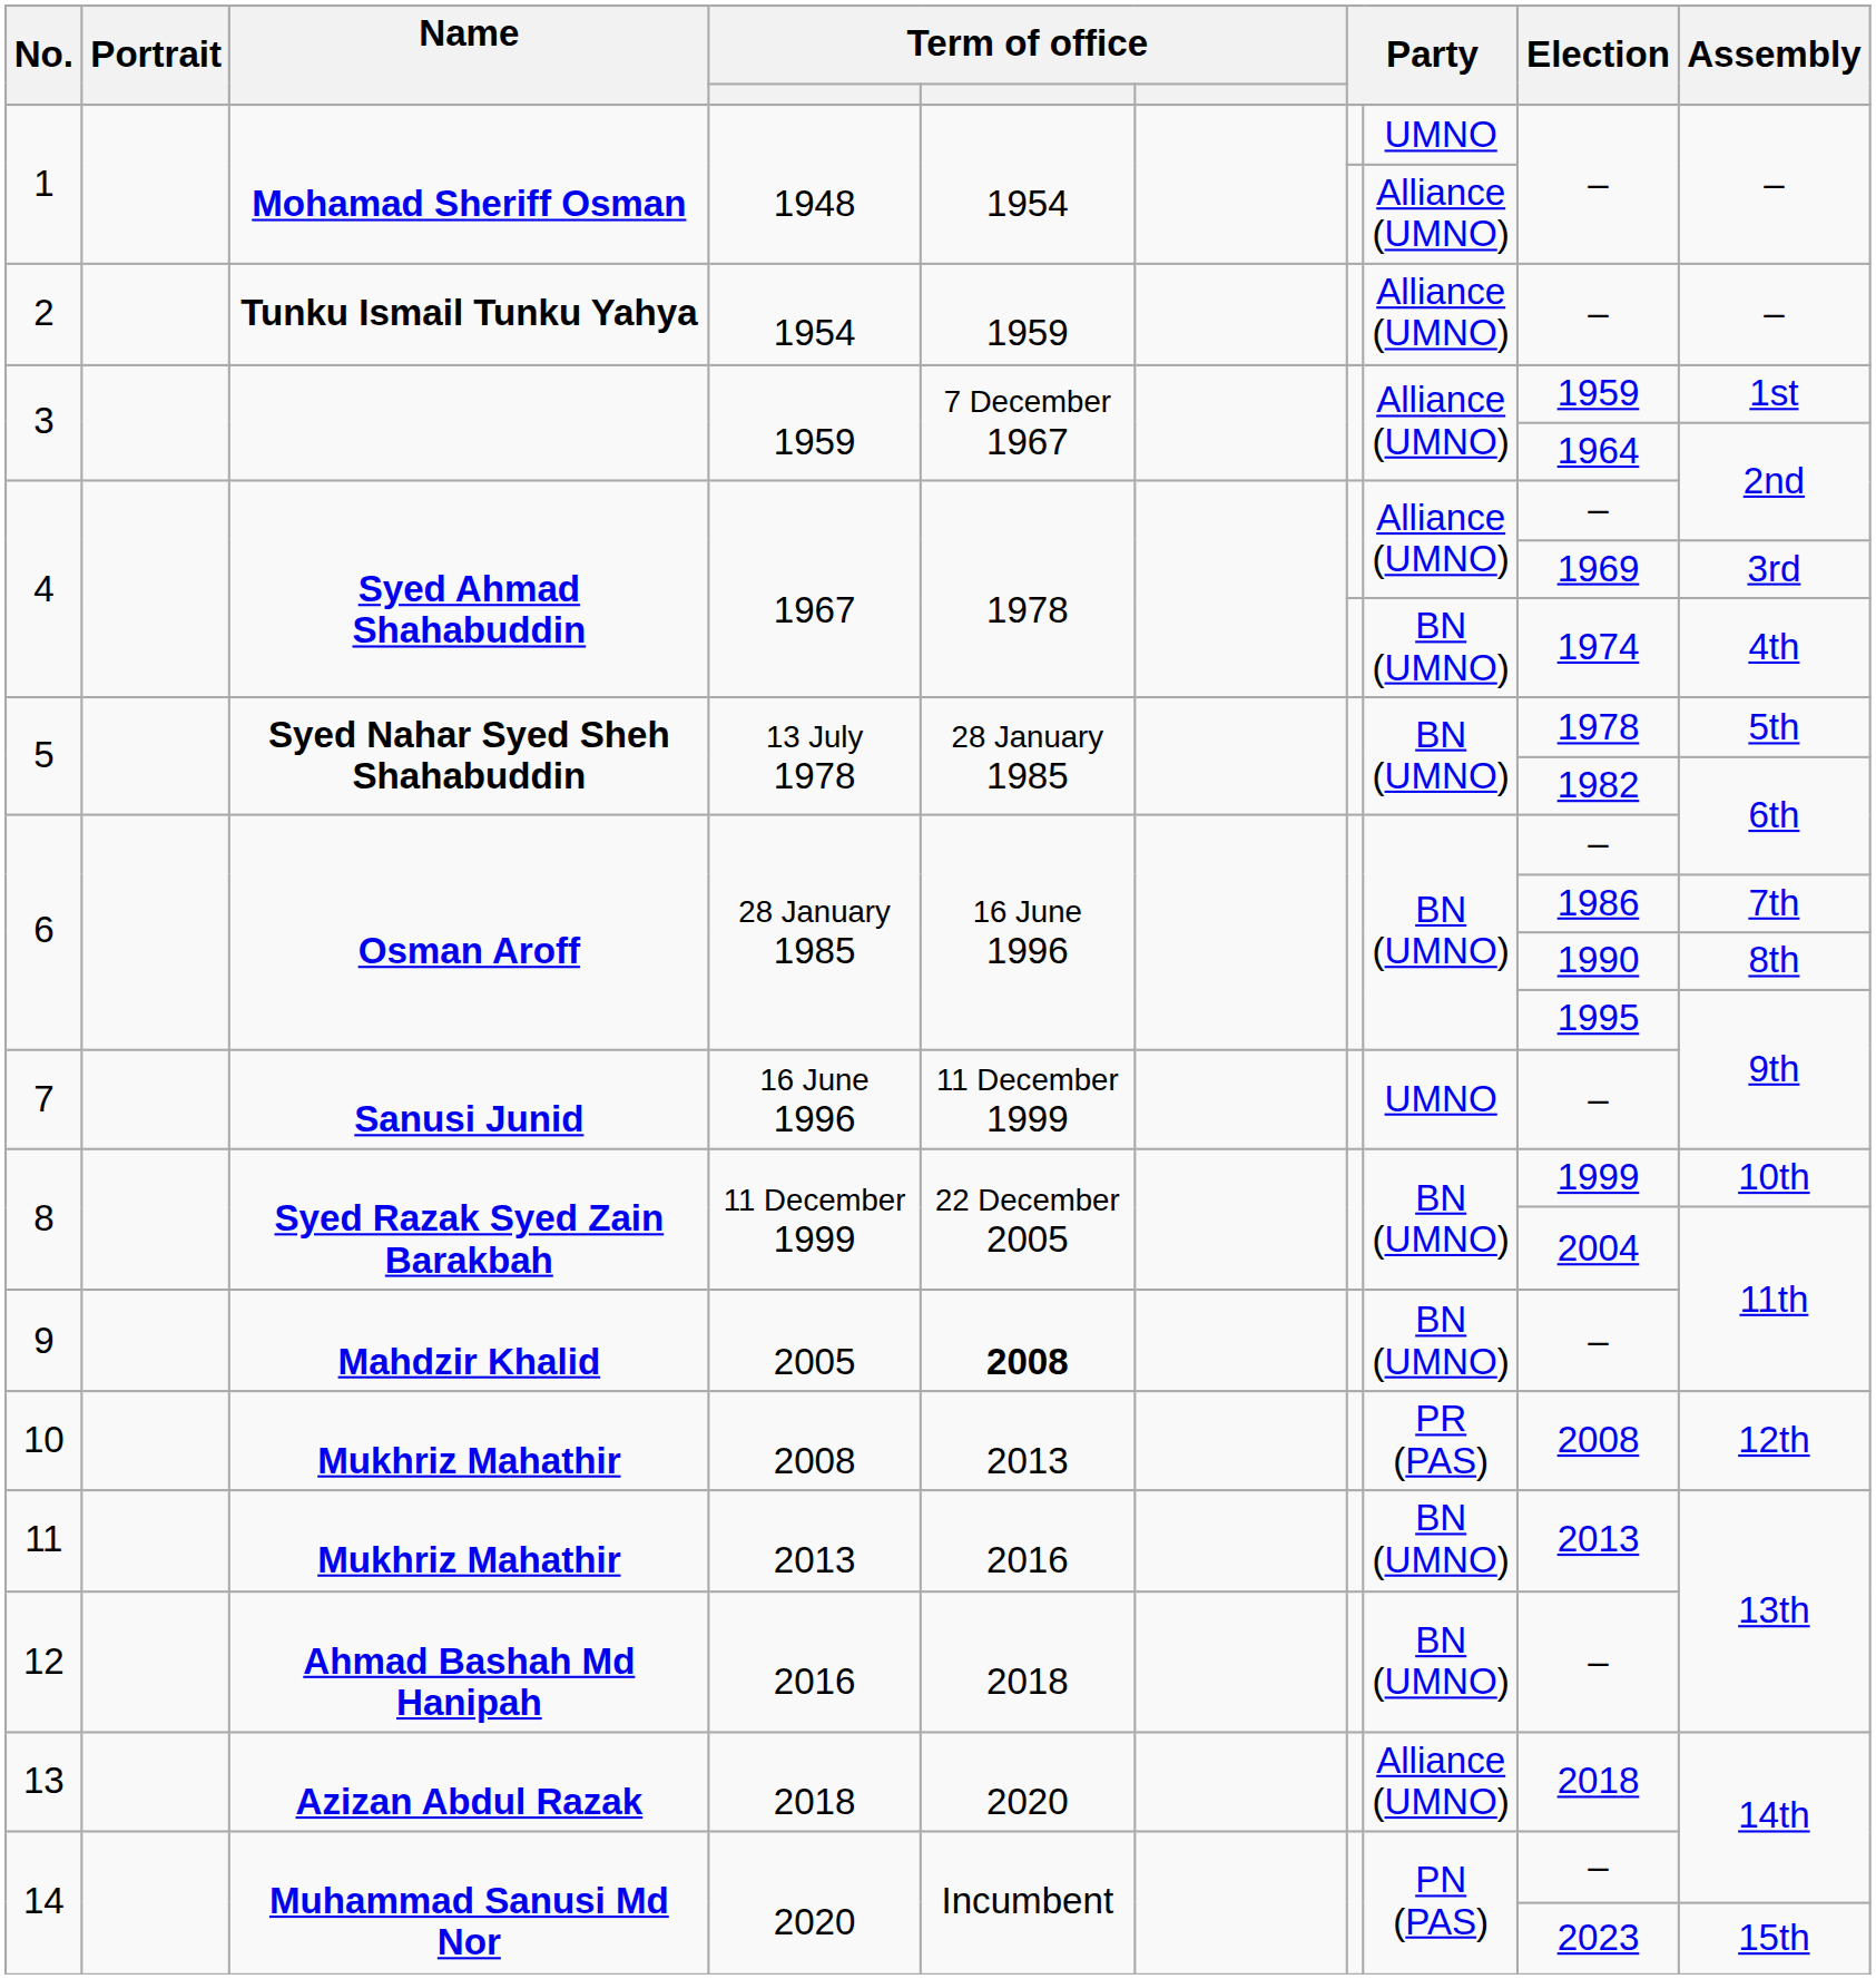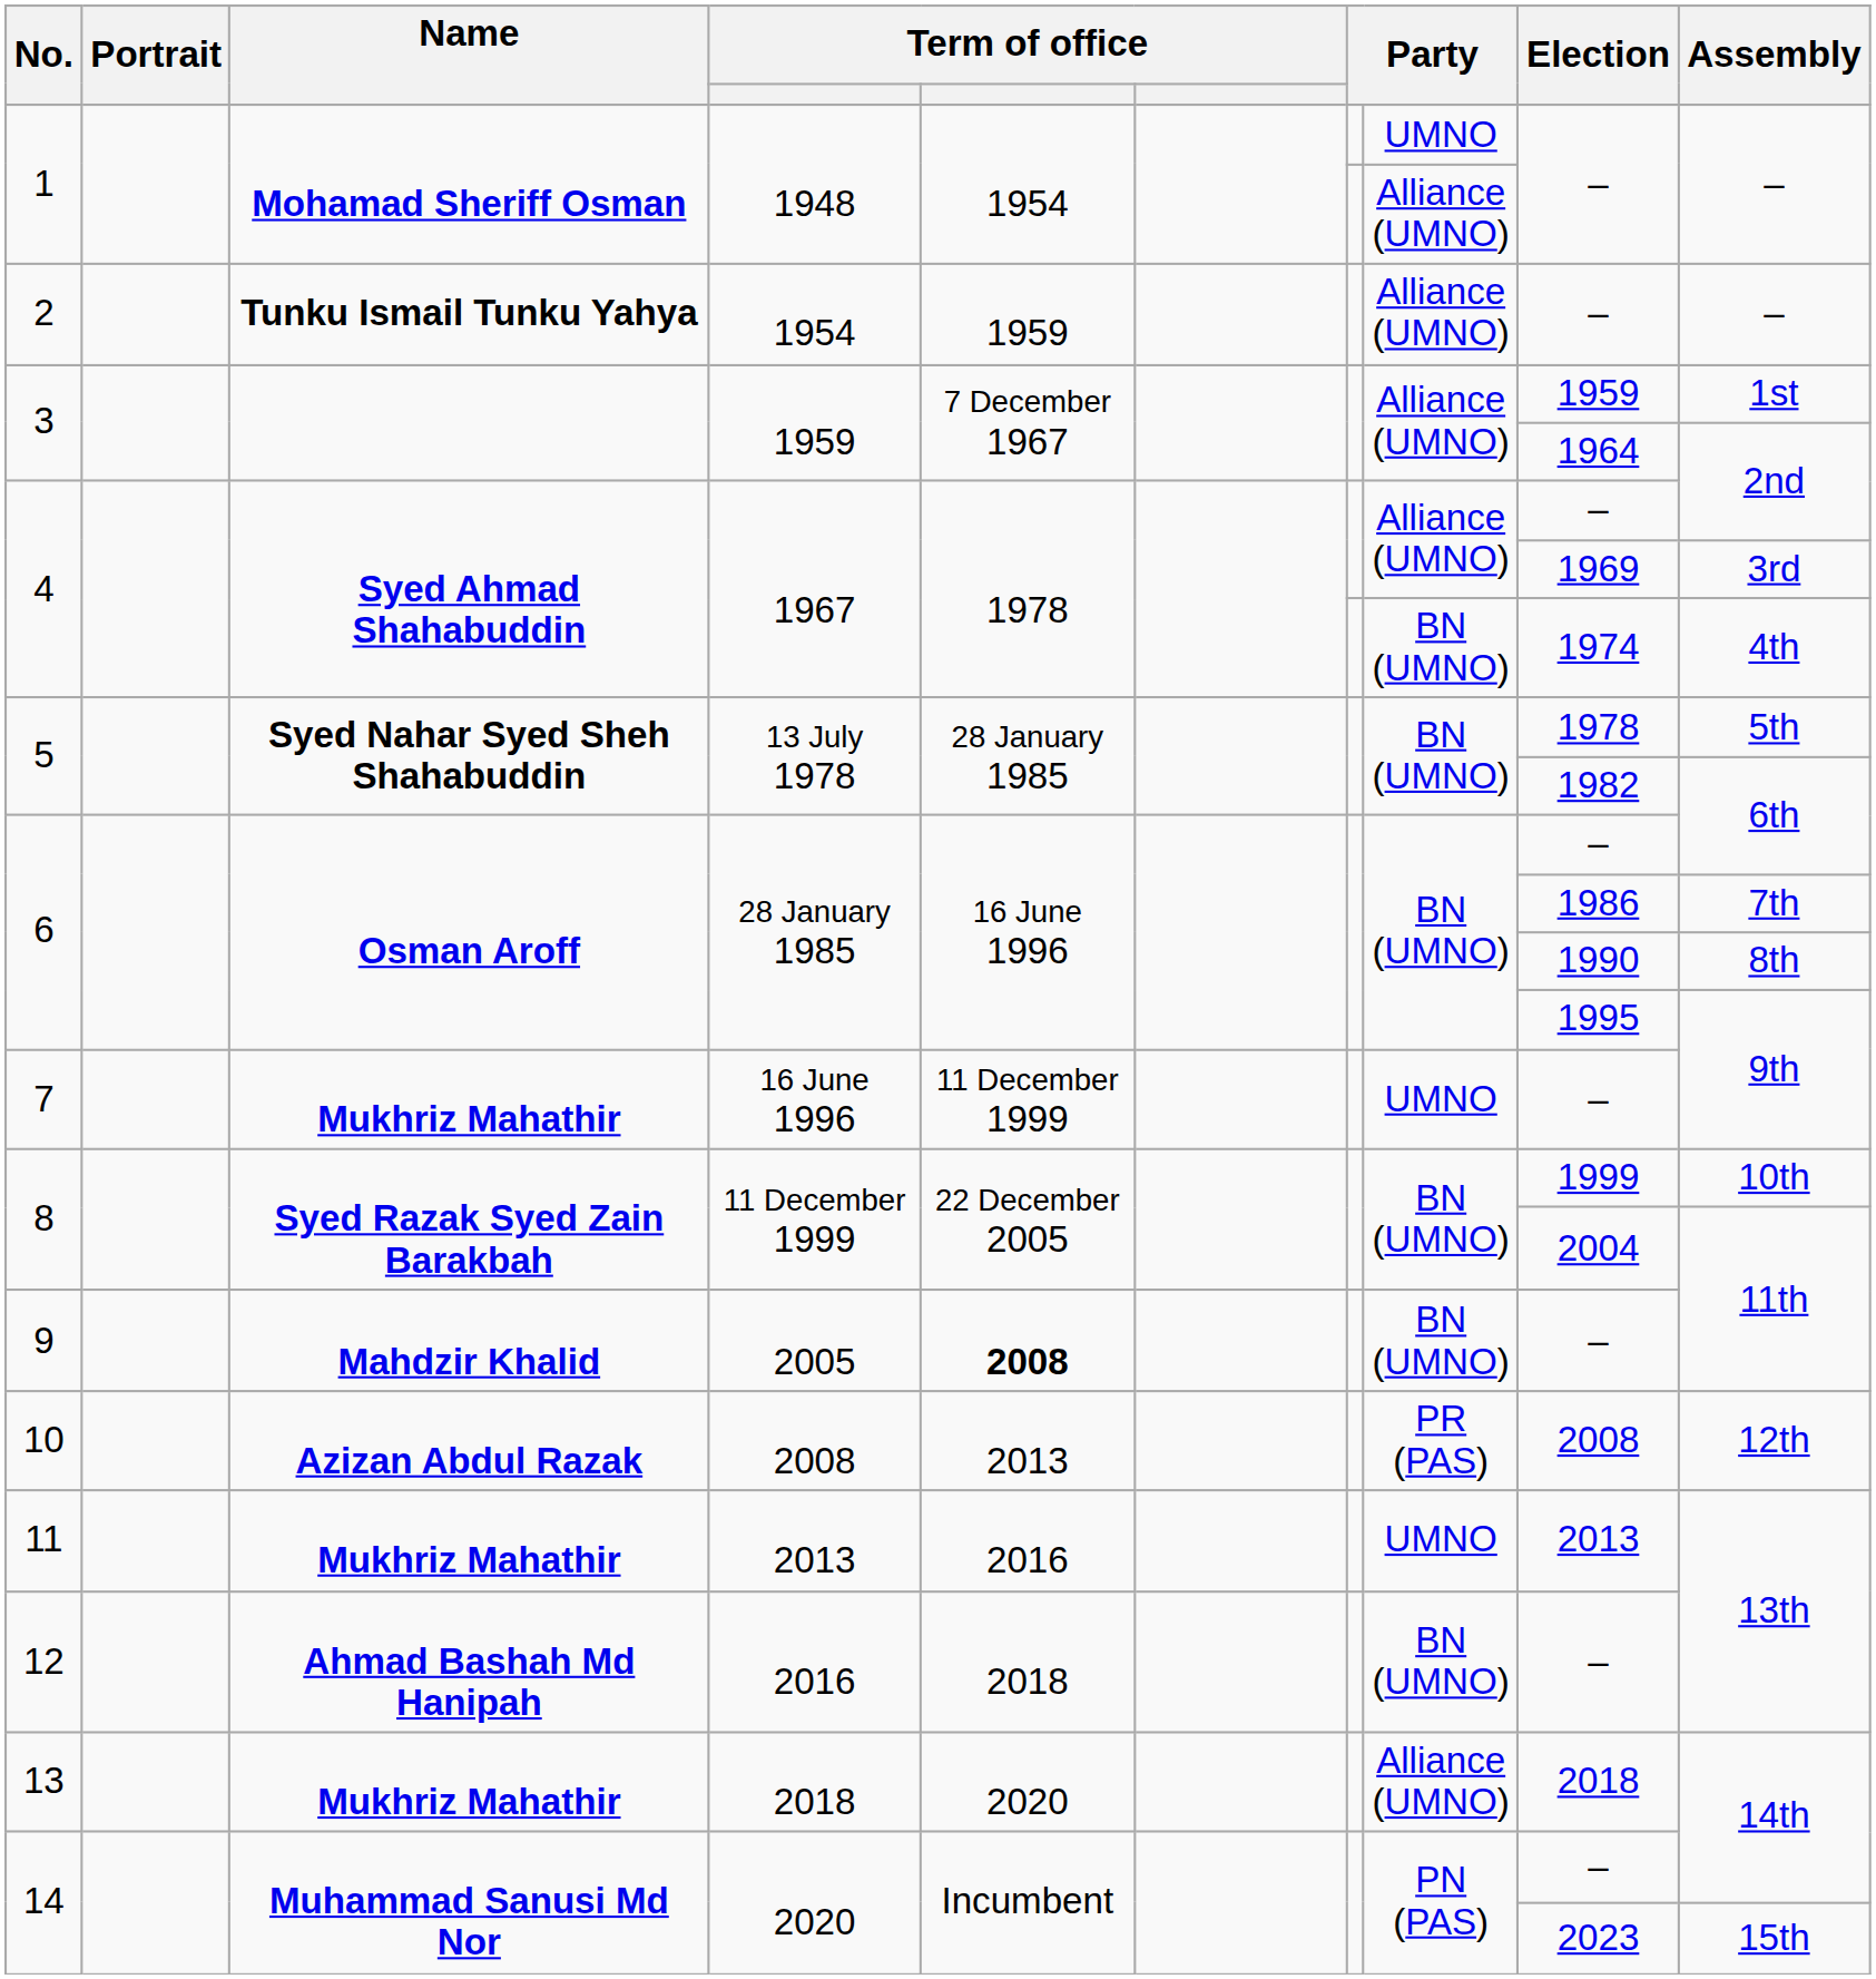 <table class="wikitable" style="text-align:center; border:1px #aaf solid;">
 <tr>
 <th rowspan="2">No.</th>
 <th rowspan="2">Portrait</th>
 <th rowspan="2" width="200">Name<br><br></th>
 <th colspan="3">Term of office</th>
 <th colspan="2" rowspan="2">Party</th>
 <th rowspan="2">Election</th>
 <th rowspan="2">Assembly</th>
 </tr>
 <tr>
 <th width="85"></th>
 <th width="85"></th>
 <th width="85"></th>
 </tr>
 <tr>
 <td rowspan="2">1</td>
 <td rowspan="2"></td>
 <td rowspan="2"><br><strong><a href='#'>Mohamad Sheriff Osman</a></strong><br></td>
 <td rowspan="2"><br>1948</td>
 <td rowspan="2"><br>1954</td>
 <td rowspan="2"></td>
 <td style="background:"></td>
 <td><a href='#'>UMNO</a></td>
 <td rowspan="2">–</td>
 <td rowspan="2">–</td>
 </tr>
 <tr>
 <td style="background:"></td>
 <td><a href='#'>Alliance</a><br>(<a href='#'>UMNO</a>)</td>
 </tr>
 <tr>
 <td>2</td>
 <td></td>
 <td><strong>Tunku Ismail Tunku Yahya</strong><br></td>
 <td><br>1954</td>
 <td><br>1959</td>
 <td></td>
 <td style="background:"></td>
 <td><a href='#'>Alliance</a><br>(<a href='#'>UMNO</a>)</td>
 <td>–</td>
 <td>–</td>
 </tr>
 <tr>
 <td rowspan="2">3</td>
 <td rowspan="2"></td>
 <td rowspan="2"><br></td>
 <td rowspan="2"><br>1959</td>
 <td rowspan="2"><small>7 December</small><br>1967</td>
 <td rowspan="2"></td>
 <td rowspan="2" style="background:"></td>
 <td rowspan="2"><a href='#'>Alliance</a><br>(<a href='#'>UMNO</a>)</td>
 <td><a href='#'>1959</a></td>
 <td><a href='#'>1st</a></td>
 </tr>
 <tr>
 <td><a href='#'>1964</a></td>
 <td rowspan="2"><a href='#'>2nd</a></td>
 </tr>
 <tr>
 <td rowspan="3">4</td>
 <td rowspan="3"></td>
 <td rowspan="3"><br><strong><a href='#'>Syed Ahmad Shahabuddin</a></strong><br></td>
 <td rowspan="3"><br>1967</td>
 <td rowspan="3"><br>1978</td>
 <td rowspan="3"></td>
 <td rowspan="2" style="background:"></td>
 <td rowspan="2"><a href='#'>Alliance</a><br>(<a href='#'>UMNO</a>)</td>
 <td>–</td>
 </tr>
 <tr>
 <td><a href='#'>1969</a></td>
 <td><a href='#'>3rd</a></td>
 </tr>
 <tr>
 <td style="background:"></td>
 <td><a href='#'>BN</a><br>(<a href='#'>UMNO</a>)</td>
 <td><a href='#'>1974</a></td>
 <td><a href='#'>4th</a></td>
 </tr>
 <tr>
 <td rowspan="2">5</td>
 <td rowspan="2"></td>
 <td rowspan="2"><strong>Syed Nahar Syed Sheh Shahabuddin</strong><br></td>
 <td rowspan="2"><small>13 July</small><br>1978</td>
 <td rowspan="2"><small>28 January</small><br>1985</td>
 <td rowspan="2"></td>
 <td rowspan="2" style="background:"></td>
 <td rowspan="2"><a href='#'>BN</a><br>(<a href='#'>UMNO</a>)</td>
 <td><a href='#'>1978</a></td>
 <td><a href='#'>5th</a></td>
 </tr>
 <tr>
 <td><a href='#'>1982</a></td>
 <td rowspan="2"><a href='#'>6th</a></td>
 </tr>
 <tr>
 <td rowspan="4">6</td>
 <td rowspan="4"></td>
 <td rowspan="4"><br><strong><a href='#'>Osman Aroff</a></strong><br></td>
 <td rowspan="4"><small>28 January</small><br>1985</td>
 <td rowspan="4"><small>16 June</small><br>1996</td>
 <td rowspan="4"></td>
 <td rowspan="4" style="background:"></td>
 <td rowspan="4"><a href='#'>BN</a><br>(<a href='#'>UMNO</a>)</td>
 <td>–</td>
 </tr>
 <tr>
 <td><a href='#'>1986</a></td>
 <td><a href='#'>7th</a></td>
 </tr>
 <tr>
 <td><a href='#'>1990</a></td>
 <td><a href='#'>8th</a></td>
 </tr>
 <tr>
 <td><a href='#'>1995</a></td>
 <td rowspan="2"><a href='#'>9th</a></td>
 </tr>
 <tr>
 <td>7</td>
 <td></td>
-<td><br><strong><a href='#'>Sanusi Junid</a></strong><br></td>
+<td><br><strong><a href='#'>Mukhriz Mahathir</a></strong><br></td>
 <td><small>16 June</small><br>1996</td>
 <td><small>11 December</small><br>1999</td>
 <td></td>
 <td style="background:"></td>
 <td><a href='#'>UMNO</a></td>
 <td>–</td>
 </tr>
 <tr>
 <td rowspan="2">8</td>
 <td rowspan="2"></td>
 <td rowspan="2"><br><strong><a href='#'>Syed Razak Syed Zain Barakbah</a></strong><br></td>
 <td rowspan="2"><small>11 December</small><br>1999</td>
 <td rowspan="2"><small>22 December</small><br>2005</td>
 <td rowspan="2"></td>
 <td rowspan="2" style="background:"></td>
 <td rowspan="2"><a href='#'>BN</a><br>(<a href='#'>UMNO</a>)</td>
 <td><a href='#'>1999</a></td>
 <td><a href='#'>10th</a></td>
 </tr>
 <tr>
 <td><a href='#'>2004</a></td>
 <td rowspan="2"><a href='#'>11th</a></td>
 </tr>
 <tr>
 <td>9</td>
 <td></td>
 <td><br><strong><a href='#'>Mahdzir Khalid</a></strong><br></td>
 <td><br>2005</td>
 <td><strong><br>2008</strong></td>
 <td></td>
 <td style="background:"></td>
 <td><a href='#'>BN</a><br>(<a href='#'>UMNO</a>)</td>
 <td>–</td>
 </tr>
 <tr>
 <td>10</td>
 <td></td>
-<td><br><strong><a href='#'>Mukhriz Mahathir</a></strong><br></td>
+<td><br><strong><a href='#'>Azizan Abdul Razak</a></strong><br></td>
 <td><br>2008</td>
 <td><br>2013</td>
 <td></td>
 <td style="background:"></td>
 <td><a href='#'>PR</a><br>(<a href='#'>PAS</a>)</td>
 <td><a href='#'>2008</a></td>
 <td><a href='#'>12th</a></td>
 </tr>
 <tr>
 <td>11</td>
 <td></td>
 <td><br><strong><a href='#'>Mukhriz Mahathir</a></strong><br></td>
 <td><br>2013</td>
 <td><br>2016</td>
 <td></td>
 <td style="background:"></td>
-<td><a href='#'>BN</a><br>(<a href='#'>UMNO</a>)</td>
+<td><a href='#'>UMNO</a></td>
 <td><a href='#'>2013</a></td>
 <td rowspan="2"><a href='#'>13th</a></td>
 </tr>
 <tr>
 <td>12</td>
 <td></td>
 <td><br><strong><a href='#'>Ahmad Bashah Md Hanipah</a></strong><br></td>
 <td><br>2016</td>
 <td><br>2018</td>
 <td></td>
 <td style="background:"></td>
 <td><a href='#'>BN</a><br>(<a href='#'>UMNO</a>)</td>
 <td>–</td>
 </tr>
 <tr>
 <td>13</td>
 <td></td>
-<td><br><strong><a href='#'>Azizan Abdul Razak</a></strong><br></td>
+<td><br><strong><a href='#'>Mukhriz Mahathir</a></strong><br></td>
 <td><br>2018</td>
 <td><br>2020</td>
 <td></td>
 <td style="background:"></td>
 <td><a href='#'>Alliance</a><br>(<a href='#'>UMNO</a>)</td>
 <td><a href='#'>2018</a></td>
 <td rowspan="2"><a href='#'>14th</a></td>
 </tr>
 <tr>
 <td rowspan="2">14</td>
 <td rowspan="2"></td>
 <td rowspan="2"><br><strong><a href='#'>Muhammad Sanusi Md Nor</a></strong><br></td>
 <td rowspan="2"><br>2020</td>
 <td rowspan="2">Incumbent</td>
 <td rowspan="2"></td>
 <td rowspan="2" style="background:"></td>
 <td rowspan="2"><a href='#'>PN</a><br>(<a href='#'>PAS</a>)</td>
 <td>–</td>
 </tr>
 <tr>
 <td><a href='#'>2023</a></td>
 <td><a href='#'>15th</a></td>
 </tr>
 </table>
